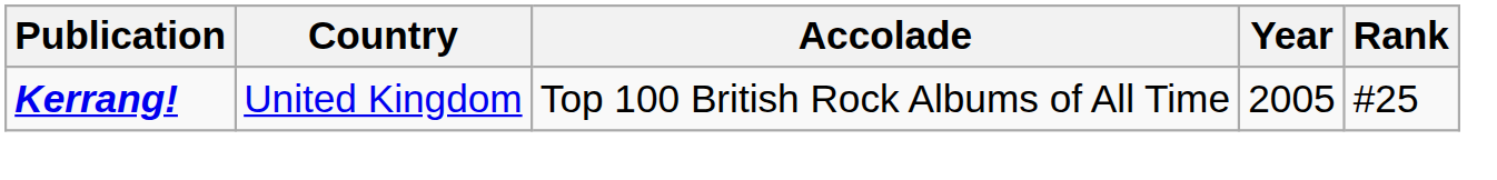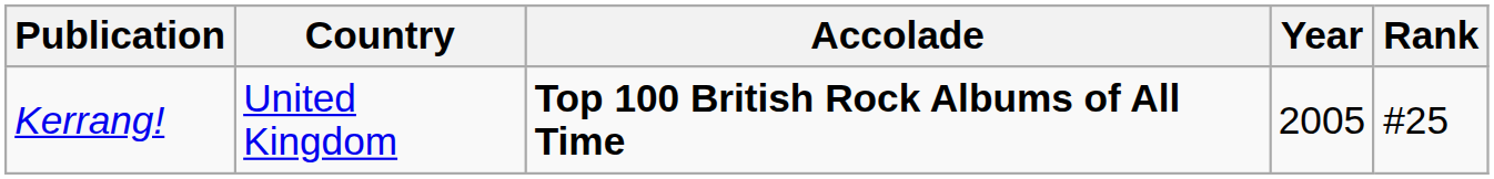 <table class="wikitable">
 <tr>
 <th>Publication</th>
 <th>Country</th>
 <th>Accolade</th>
 <th>Year</th>
 <th>Rank</th>
 </tr>
 <tr>
-<td><strong><em><a href='#'>Kerrang!</a></em></strong></td>
+<td><em><a href='#'>Kerrang!</a></em></td>
 <td><a href='#'>United Kingdom</a></td>
-<td>Top 100 British Rock Albums of All Time</td>
+<td><strong>Top 100 British Rock Albums of All Time</strong></td>
 <td>2005</td>
 <td>#25</td>
 </tr>
 </table>
